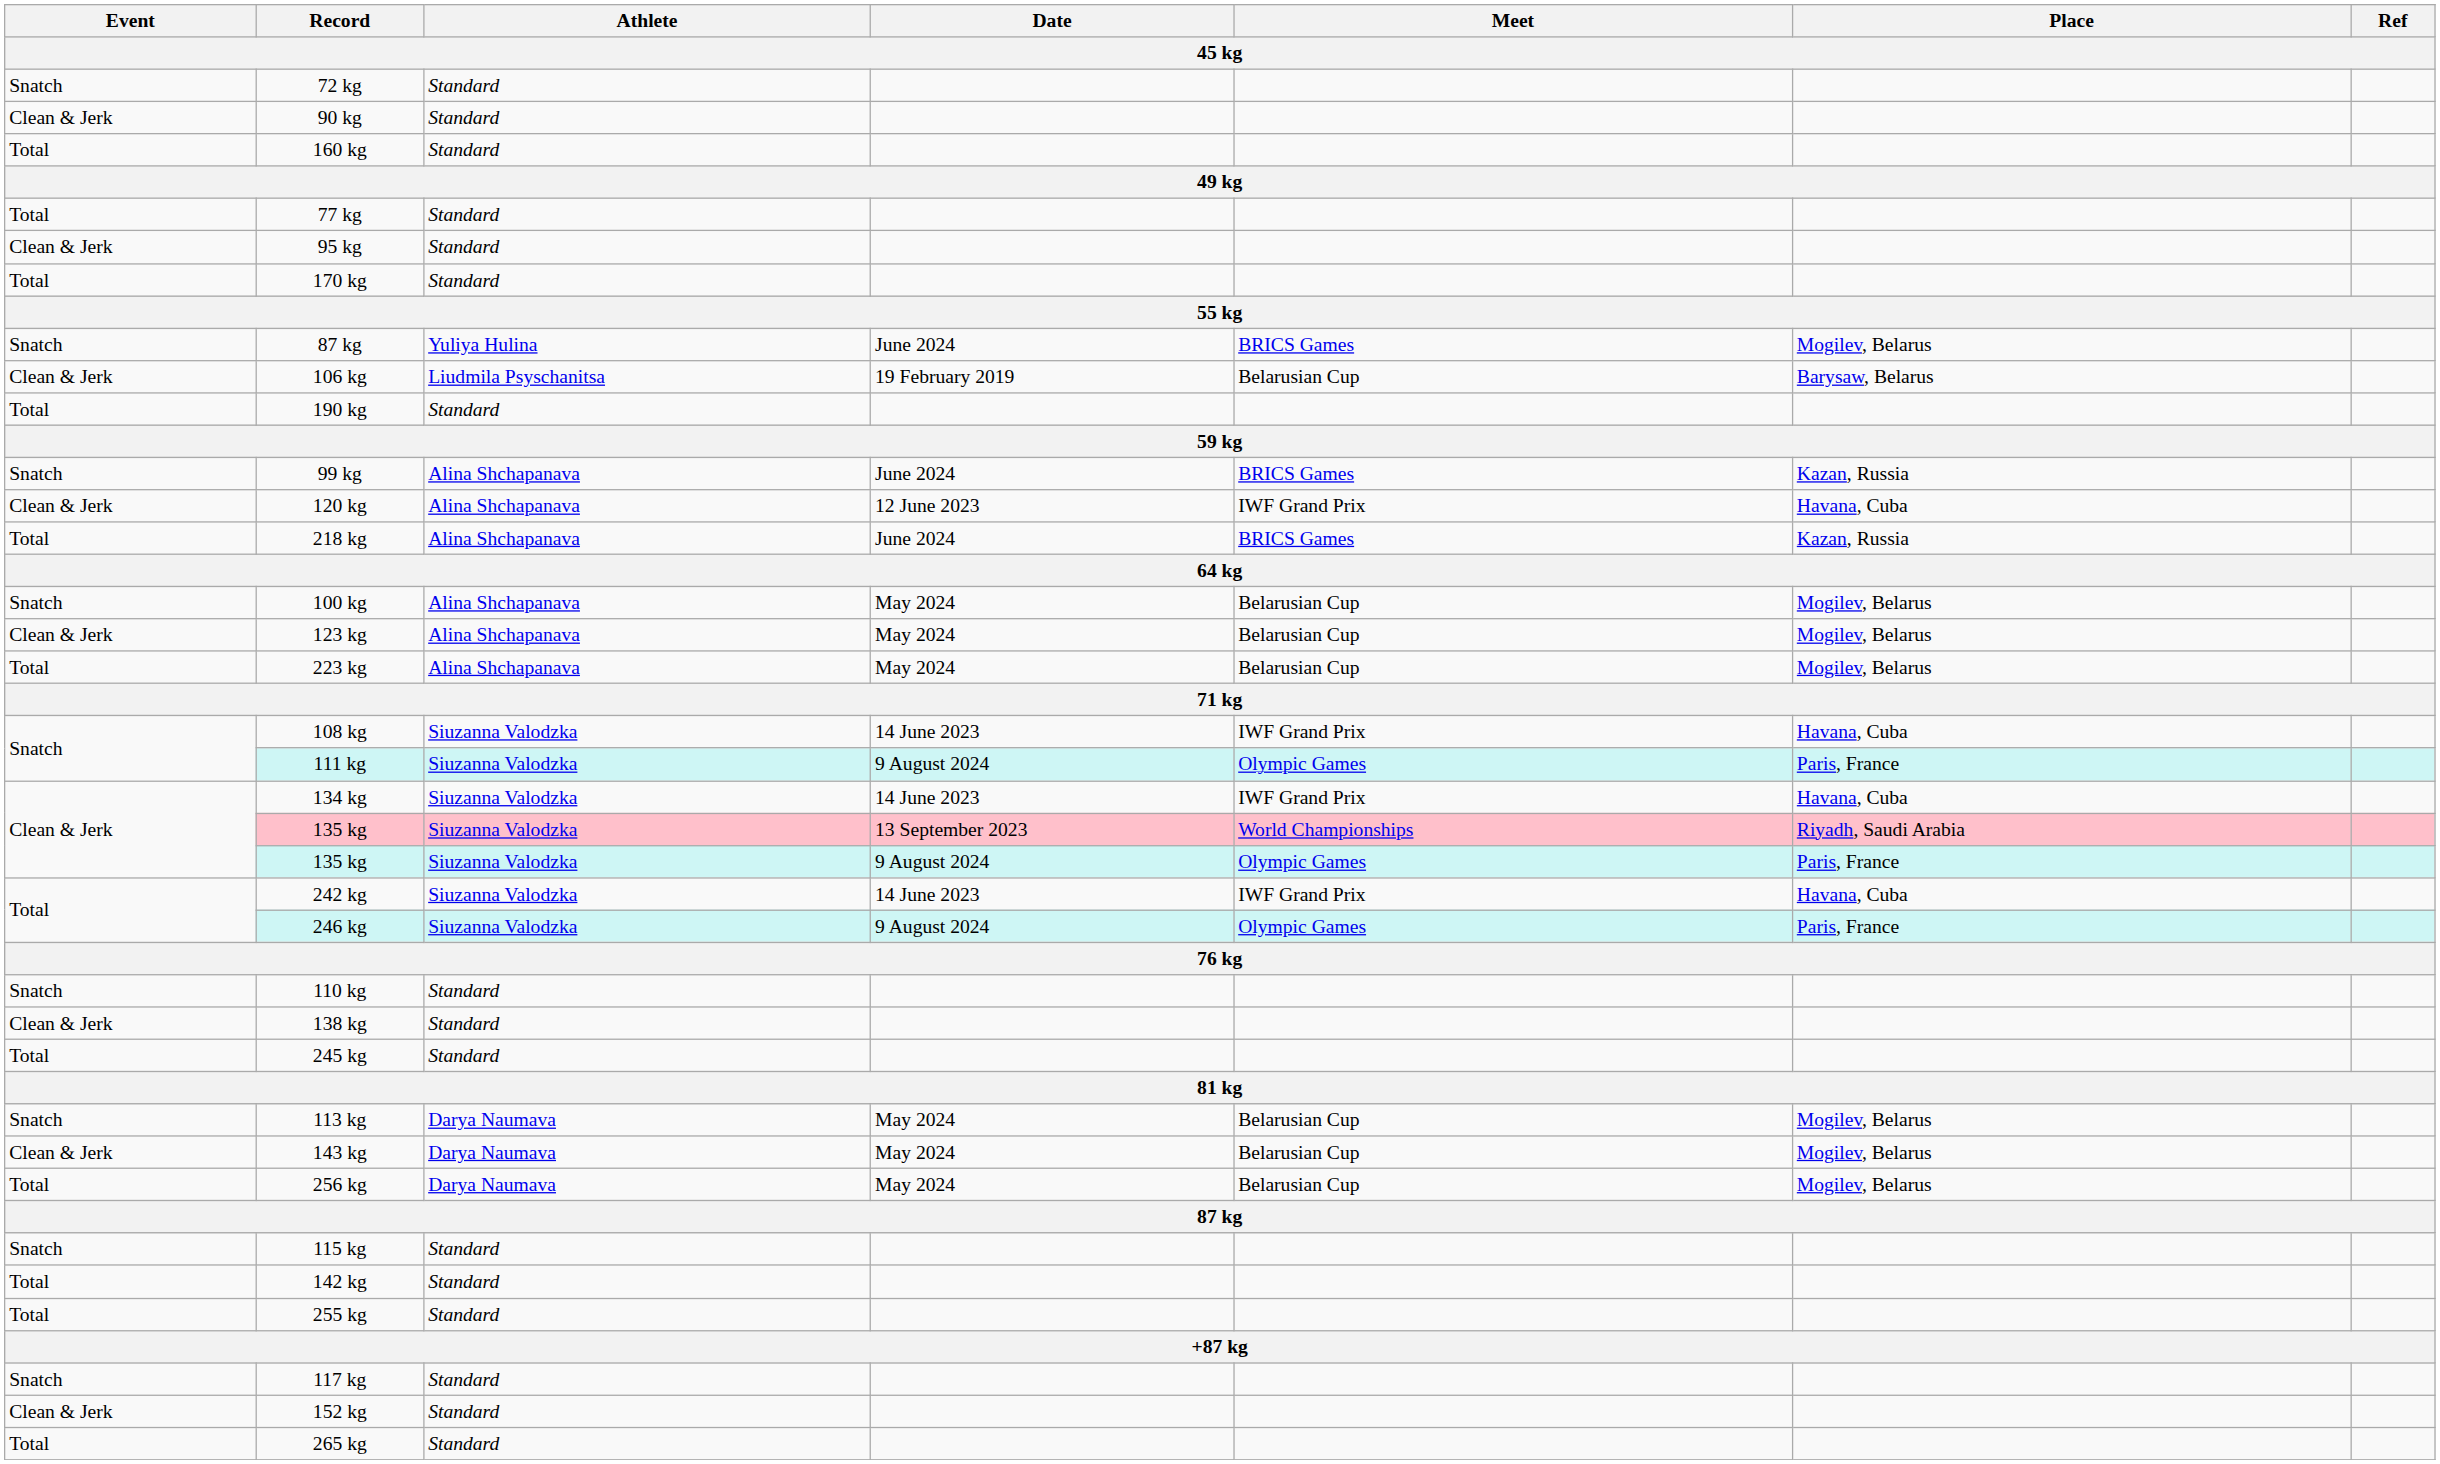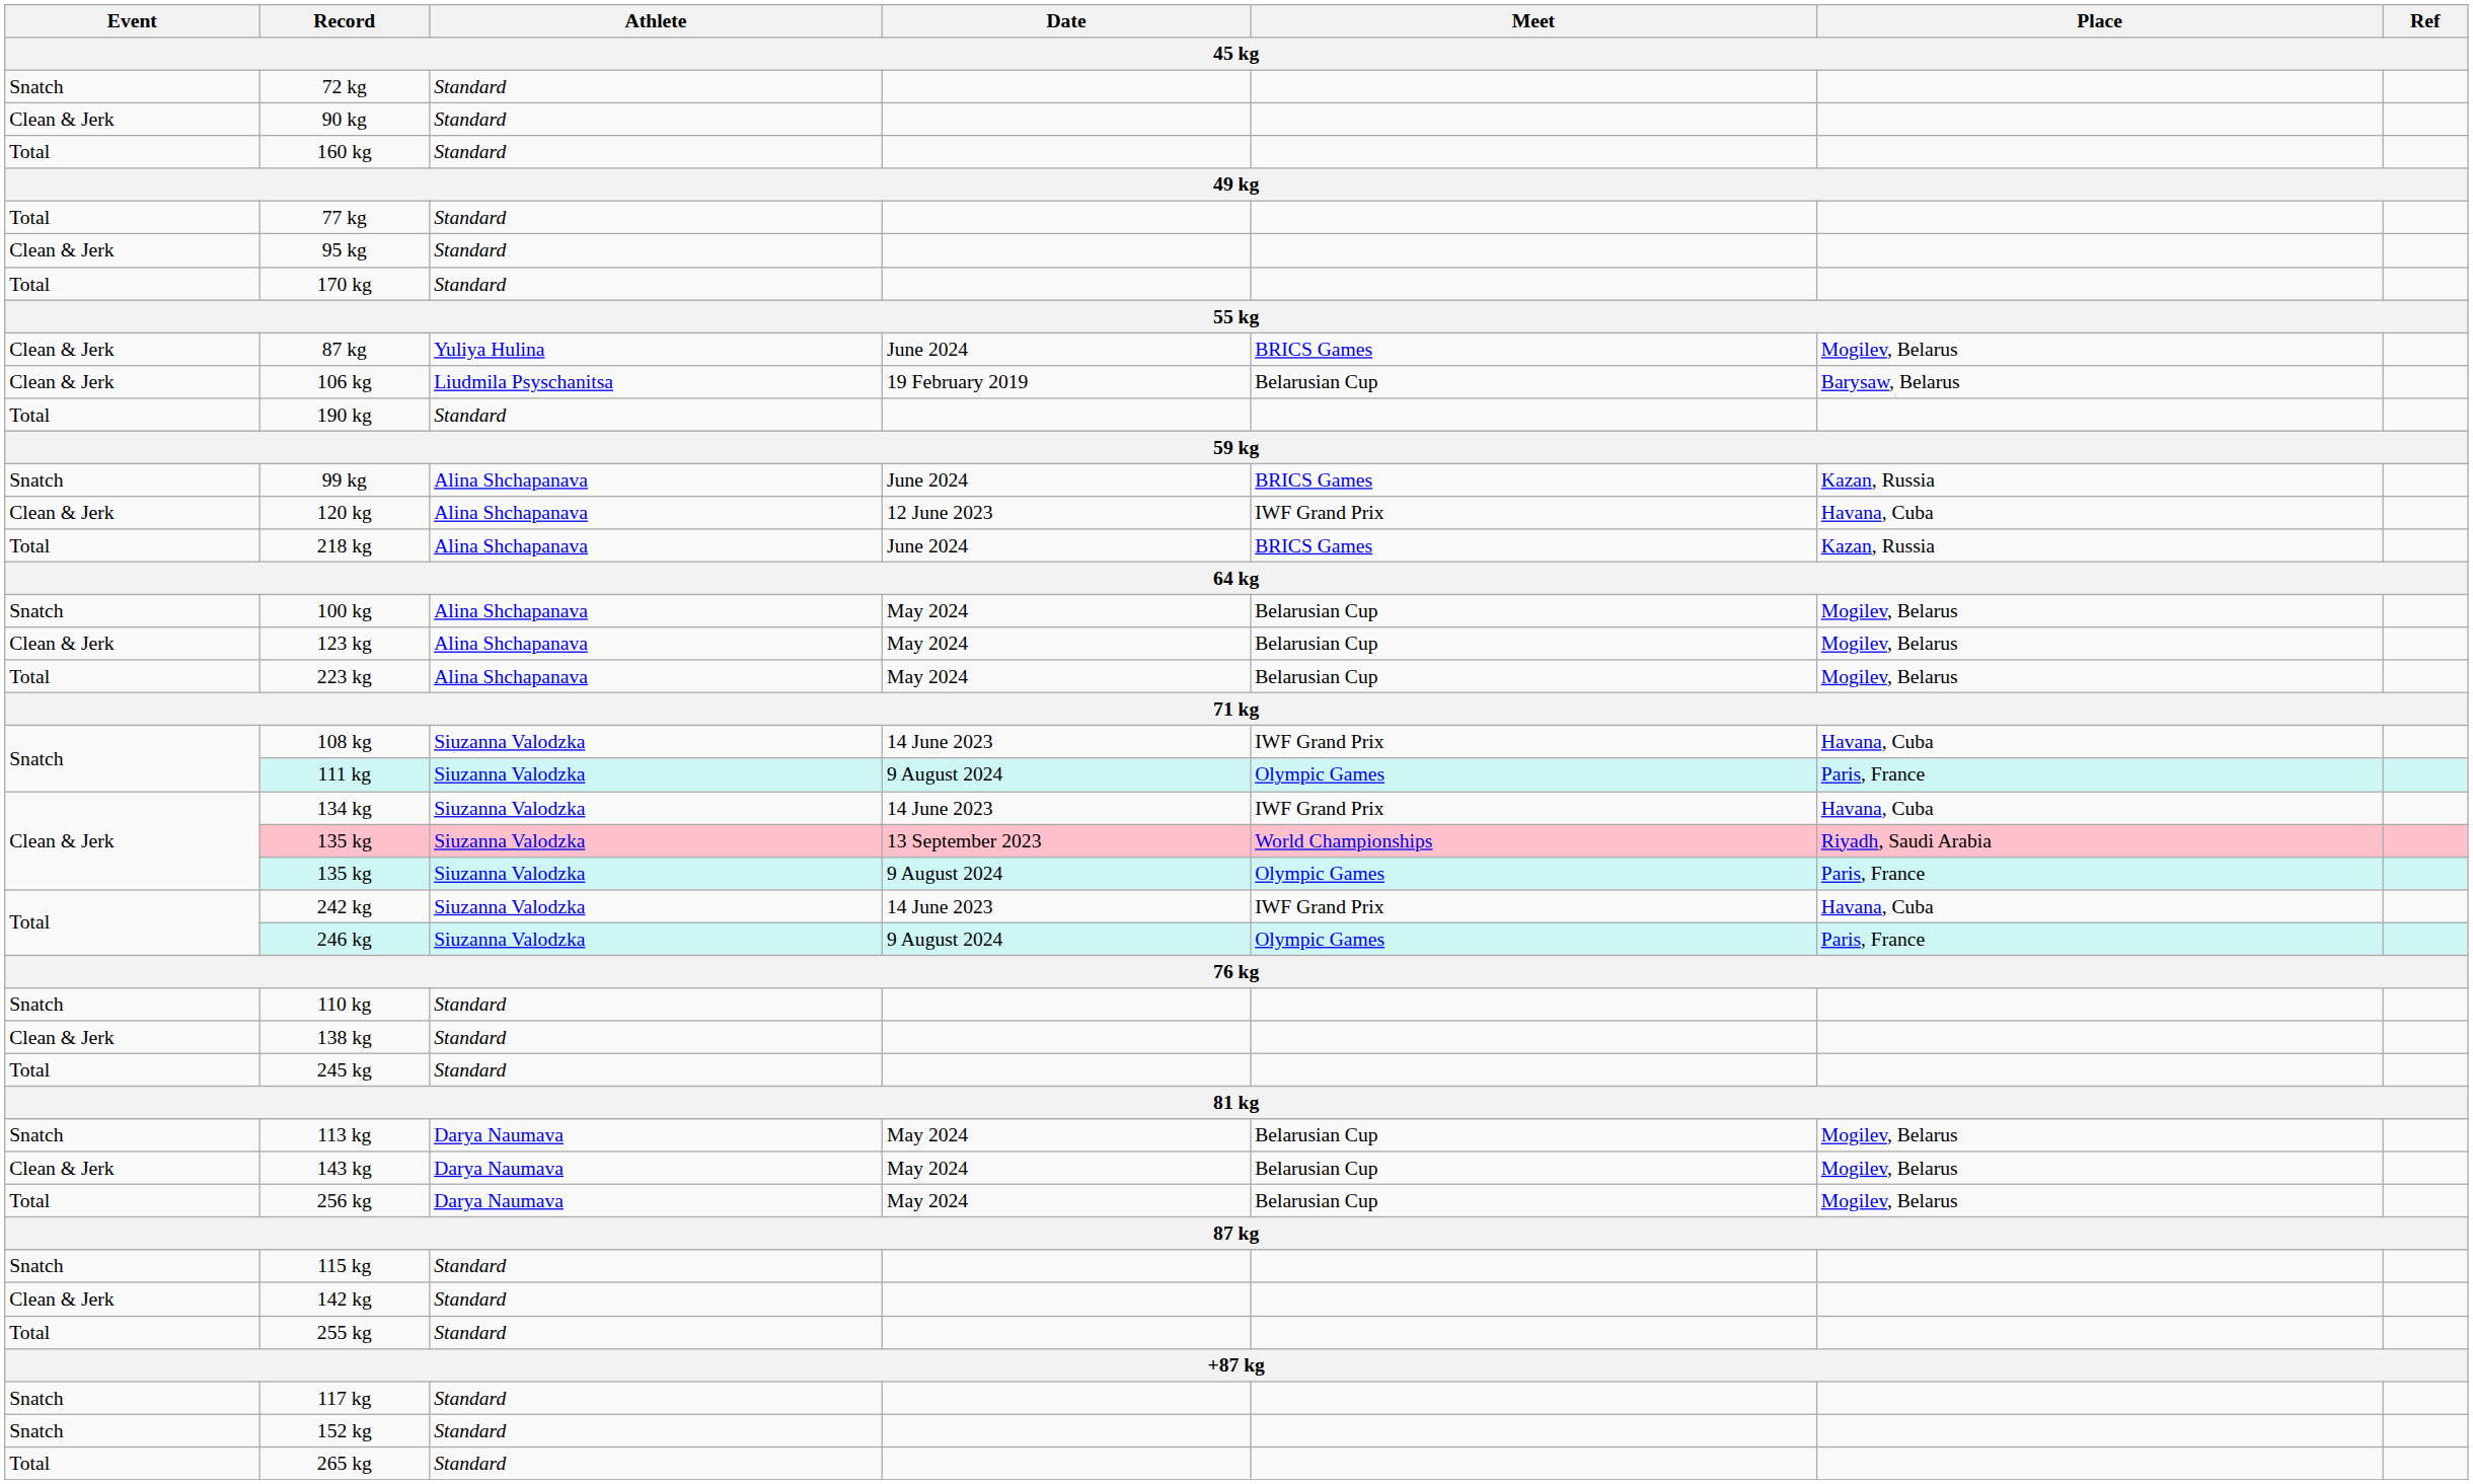 <table class="wikitable" style="font-size:95%; width: 95%;">
 <tr>
 <th width=9%>Event</th>
 <th width=6%>Record</th>
 <th width=16%>Athlete</th>
 <th width=13%>Date</th>
 <th width=20%>Meet</th>
 <th width=20%>Place</th>
 <th width=3%>Ref</th>
 </tr>
 <tr bgcolor="#DDDDDD">
 <th colspan="7">45 kg</th>
 </tr>
 <tr>
 <td>Snatch</td>
 <td align="center">72 kg</td>
 <td><em>Standard</em></td>
 <td></td>
 <td></td>
 <td></td>
 <td></td>
 </tr>
 <tr>
 <td>Clean & Jerk</td>
 <td align="center">90 kg</td>
 <td><em>Standard</em></td>
 <td></td>
 <td></td>
 <td></td>
 <td></td>
 </tr>
 <tr>
 <td>Total</td>
 <td align="center">160 kg</td>
 <td><em>Standard</em></td>
 <td></td>
 <td></td>
 <td></td>
 <td></td>
 </tr>
 <tr bgcolor="#DDDDDD">
 <th colspan="7">49 kg</th>
 </tr>
 <tr>
 <td>Total</td>
 <td align="center">77 kg</td>
 <td><em>Standard</em></td>
 <td></td>
 <td></td>
 <td></td>
 <td></td>
 </tr>
 <tr>
 <td>Clean & Jerk</td>
 <td align="center">95 kg</td>
 <td><em>Standard</em></td>
 <td></td>
 <td></td>
 <td></td>
 <td></td>
 </tr>
 <tr>
 <td>Total</td>
 <td align="center">170 kg</td>
 <td><em>Standard</em></td>
 <td></td>
 <td></td>
 <td></td>
 <td></td>
 </tr>
 <tr bgcolor="#DDDDDD">
 <th colspan="7">55 kg</th>
 </tr>
 <tr>
-<td>Snatch</td>
+<td>Clean & Jerk</td>
 <td align="center">87 kg</td>
 <td><a href='#'>Yuliya Hulina</a></td>
 <td>June 2024</td>
 <td><a href='#'>BRICS Games</a></td>
 <td><a href='#'>Mogilev</a>, Belarus</td>
 <td></td>
 </tr>
 <tr>
 <td>Clean & Jerk</td>
 <td align="center">106 kg</td>
 <td><a href='#'>Liudmila Psyschanitsa</a></td>
 <td>19 February 2019</td>
 <td>Belarusian Cup</td>
 <td><a href='#'>Barysaw</a>, Belarus</td>
 <td></td>
 </tr>
 <tr>
 <td>Total</td>
 <td align="center">190 kg</td>
 <td><em>Standard</em></td>
 <td></td>
 <td></td>
 <td></td>
 <td></td>
 </tr>
 <tr bgcolor="#DDDDDD">
 <th colspan="7">59 kg</th>
 </tr>
 <tr>
 <td>Snatch</td>
 <td align="center">99 kg</td>
 <td><a href='#'>Alina Shchapanava</a></td>
 <td>June 2024</td>
 <td><a href='#'>BRICS Games</a></td>
 <td><a href='#'>Kazan</a>, Russia</td>
 <td></td>
 </tr>
 <tr>
 <td>Clean & Jerk</td>
 <td align="center">120 kg</td>
 <td><a href='#'>Alina Shchapanava</a></td>
 <td>12 June 2023</td>
 <td>IWF Grand Prix</td>
 <td><a href='#'>Havana</a>, Cuba</td>
 <td></td>
 </tr>
 <tr>
 <td>Total</td>
 <td align=center>218 kg</td>
 <td><a href='#'>Alina Shchapanava</a></td>
 <td>June 2024</td>
 <td><a href='#'>BRICS Games</a></td>
 <td><a href='#'>Kazan</a>, Russia</td>
 <td></td>
 </tr>
 <tr bgcolor="#DDDDDD">
 <th colspan="7">64 kg</th>
 </tr>
 <tr>
 <td>Snatch</td>
 <td align="center">100 kg</td>
 <td><a href='#'>Alina Shchapanava</a></td>
 <td>May 2024</td>
 <td>Belarusian Cup</td>
 <td><a href='#'>Mogilev</a>, Belarus</td>
 <td></td>
 </tr>
 <tr>
 <td>Clean & Jerk</td>
 <td align="center">123 kg</td>
 <td><a href='#'>Alina Shchapanava</a></td>
 <td>May 2024</td>
 <td>Belarusian Cup</td>
 <td><a href='#'>Mogilev</a>, Belarus</td>
 <td></td>
 </tr>
 <tr>
 <td>Total</td>
 <td align="center">223 kg</td>
 <td><a href='#'>Alina Shchapanava</a></td>
 <td>May 2024</td>
 <td>Belarusian Cup</td>
 <td><a href='#'>Mogilev</a>, Belarus</td>
 <td></td>
 </tr>
 <tr bgcolor="#DDDDDD">
 <th colspan="7">71 kg</th>
 </tr>
 <tr>
 <td rowspan=2>Snatch</td>
 <td align="center">108 kg</td>
 <td><a href='#'>Siuzanna Valodzka</a></td>
 <td>14 June 2023</td>
 <td>IWF Grand Prix</td>
 <td><a href='#'>Havana</a>, Cuba</td>
 <td></td>
 </tr>
 <tr bgcolor=#CEF6F5>
 <td align="center">111 kg</td>
 <td><a href='#'>Siuzanna Valodzka</a></td>
 <td>9 August 2024</td>
 <td><a href='#'>Olympic Games</a></td>
 <td><a href='#'>Paris</a>, France</td>
 <td></td>
 </tr>
 <tr>
 <td rowspan=3>Clean & Jerk</td>
 <td align="center">134 kg</td>
 <td><a href='#'>Siuzanna Valodzka</a></td>
 <td>14 June 2023</td>
 <td>IWF Grand Prix</td>
 <td><a href='#'>Havana</a>, Cuba</td>
 <td></td>
 </tr>
 <tr style="background:pink">
 <td align="center">135 kg</td>
 <td><a href='#'>Siuzanna Valodzka</a></td>
 <td>13 September 2023</td>
 <td><a href='#'>World Championships</a></td>
 <td><a href='#'>Riyadh</a>, Saudi Arabia</td>
 <td></td>
 </tr>
 <tr bgcolor=#CEF6F5>
 <td align="center">135 kg</td>
 <td><a href='#'>Siuzanna Valodzka</a></td>
 <td>9 August 2024</td>
 <td><a href='#'>Olympic Games</a></td>
 <td><a href='#'>Paris</a>, France</td>
 <td></td>
 </tr>
 <tr>
 <td rowspan=2>Total</td>
 <td align="center">242 kg</td>
 <td><a href='#'>Siuzanna Valodzka</a></td>
 <td>14 June 2023</td>
 <td>IWF Grand Prix</td>
 <td><a href='#'>Havana</a>, Cuba</td>
 <td></td>
 </tr>
 <tr bgcolor=#CEF6F5>
 <td align="center">246 kg</td>
 <td><a href='#'>Siuzanna Valodzka</a></td>
 <td>9 August 2024</td>
 <td><a href='#'>Olympic Games</a></td>
 <td><a href='#'>Paris</a>, France</td>
 <td></td>
 </tr>
 <tr bgcolor="#DDDDDD">
 <th colspan="7">76 kg</th>
 </tr>
 <tr>
 <td>Snatch</td>
 <td align="center">110 kg</td>
 <td><em>Standard</em></td>
 <td></td>
 <td></td>
 <td></td>
 <td></td>
 </tr>
 <tr>
 <td>Clean & Jerk</td>
 <td align="center">138 kg</td>
 <td><em>Standard</em></td>
 <td></td>
 <td></td>
 <td></td>
 <td></td>
 </tr>
 <tr>
 <td>Total</td>
 <td align="center">245 kg</td>
 <td><em>Standard</em></td>
 <td></td>
 <td></td>
 <td></td>
 <td></td>
 </tr>
 <tr bgcolor="#DDDDDD">
 <th colspan="7">81 kg</th>
 </tr>
 <tr>
 <td>Snatch</td>
 <td align="center">113 kg</td>
 <td><a href='#'>Darya Naumava</a></td>
 <td>May 2024</td>
 <td>Belarusian Cup</td>
 <td><a href='#'>Mogilev</a>, Belarus</td>
 <td></td>
 </tr>
 <tr>
 <td>Clean & Jerk</td>
 <td align="center">143 kg</td>
 <td><a href='#'>Darya Naumava</a></td>
 <td>May 2024</td>
 <td>Belarusian Cup</td>
 <td><a href='#'>Mogilev</a>, Belarus</td>
 <td></td>
 </tr>
 <tr>
 <td>Total</td>
 <td align="center">256 kg</td>
 <td><a href='#'>Darya Naumava</a></td>
 <td>May 2024</td>
 <td>Belarusian Cup</td>
 <td><a href='#'>Mogilev</a>, Belarus</td>
 <td></td>
 </tr>
 <tr bgcolor="#DDDDDD">
 <th colspan="7">87 kg</th>
 </tr>
 <tr>
 <td>Snatch</td>
 <td align="center">115 kg</td>
 <td><em>Standard</em></td>
 <td></td>
 <td></td>
 <td></td>
 <td></td>
 </tr>
 <tr>
-<td>Total</td>
+<td>Clean & Jerk</td>
 <td align="center">142 kg</td>
 <td><em>Standard</em></td>
 <td></td>
 <td></td>
 <td></td>
 <td></td>
 </tr>
 <tr>
 <td>Total</td>
 <td align="center">255 kg</td>
 <td><em>Standard</em></td>
 <td></td>
 <td></td>
 <td></td>
 <td></td>
 </tr>
 <tr bgcolor="#DDDDDD">
 <th colspan="7">+87 kg</th>
 </tr>
 <tr>
 <td>Snatch</td>
 <td align="center">117 kg</td>
 <td><em>Standard</em></td>
 <td></td>
 <td></td>
 <td></td>
 <td></td>
 </tr>
 <tr>
-<td>Clean & Jerk</td>
+<td>Snatch</td>
 <td align="center">152 kg</td>
 <td><em>Standard</em></td>
 <td></td>
 <td></td>
 <td></td>
 <td></td>
 </tr>
 <tr>
 <td>Total</td>
 <td align="center">265 kg</td>
 <td><em>Standard</em></td>
 <td></td>
 <td></td>
 <td></td>
 <td></td>
 </tr>
 </table>
